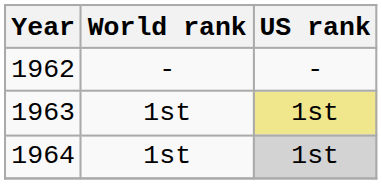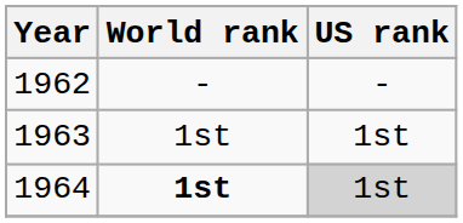 <table class=wikitable>
 <tr>
 <th>Year</th>
 <th>World rank</th>
 <th>US rank</th>
 </tr>
 <tr>
 <td>1962</td>
 <td align="center">-</td>
 <td align="center">-</td>
 </tr>
 <tr>
 <td>1963</td>
 <td align="center">1st</td>
-<td align="center" style="background: khaki;">1st</td>
+<td align="center">1st</td>
 </tr>
 <tr>
 <td>1964</td>
-<td align="center">1st</td>
+<td align="center"><strong>1st</strong></td>
 <td align="center" style="background: lightgrey;">1st</td>
 </tr>
 <tr>
 </tr>
 </table>
